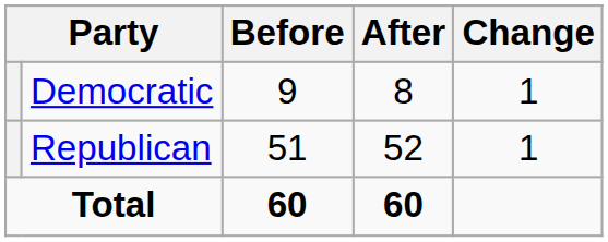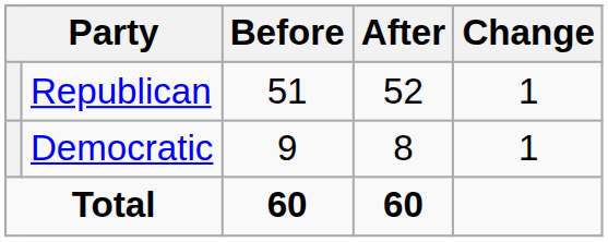 <table class="wikitable" style="text-align:center;">
 <tr>
 </tr>
 <tr>
 <th colspan=2>Party</th>
 <th>Before</th>
 <th>After</th>
 <th>Change</th>
 </tr>
 <tr>
 <th style="background-color:"></th>
-<td style="text-align:left;"><a href='#'>Democratic</a></td>
-<td>9</td>
-<td>8</td>
+<td style="text-align:left;"><a href='#'>Republican</a></td>
+<td>51</td>
+<td>52</td>
 <td> 1</td>
 </tr>
 <tr>
 <th style="background-color:"></th>
-<td style="text-align:left;"><a href='#'>Republican</a></td>
-<td>51</td>
-<td>52</td>
+<td style="text-align:left;"><a href='#'>Democratic</a></td>
+<td>9</td>
+<td>8</td>
 <td> 1</td>
 </tr>
 <tr>
 <td colspan=2><strong>Total</strong></td>
 <td><strong>60</strong></td>
 <td><strong>60</strong></td>
 <td></td>
 </tr>
 </table>
